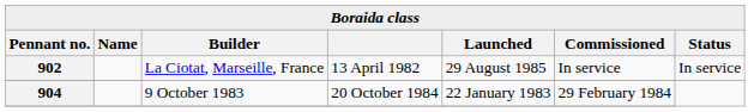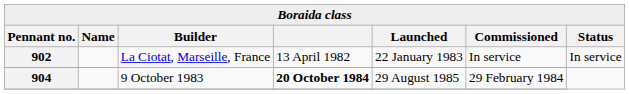 <table border="1" class="wikitable plainrowheaders collapsible">
 <tr>
 <th colspan="7" style="background:#eee;" align="center"><strong><em>Boraida<em> class<strong></th>
 </tr>
 <tr>
 <th scope="col">Pennant no.</th>
 <th scope="col">Name</th>
 <th scope="col">Builder</th>
 <th scope="col"></th>
 <th scope="col">Launched</th>
 <th scope="col">Commissioned</th>
 <th scope="col">Status</th>
 </tr>
 <tr>
 <th scope="row">902</th>
 <td></td>
 <td rowspan=2 align=center><a href='#'>La Ciotat</a>, <a href='#'>Marseille</a>, France</td>
 <td>13 April 1982</td>
-<td>29 August 1985</td>
+<td>22 January 1983</td>
 <td>In service</td>
 <td>In service</td>
 </tr>
 <tr>
 </tr>
 <tr>
 <th scope="row">904</th>
 <td></td>
 <td>9 October 1983</td>
-<td>20 October 1984</td>
-<td>22 January 1983</td>
+<td><strong>20 October 1984</strong></td>
+<td>29 August 1985</td>
 <td>29 February 1984</td>
 </tr>
 <tr>
 </tr>
 </table>
